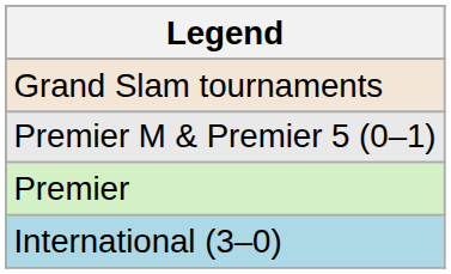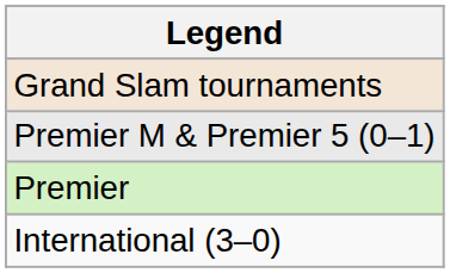 <table class="wikitable" style="font-size:90%;">
 <tr>
 <th>Legend</th>
 </tr>
 <tr>
 <td style="background:#f3e6d7;">Grand Slam tournaments</td>
 </tr>
 <tr>
 <td bgcolor="#e9e9e9">Premier M & Premier 5 (0–1)</td>
 </tr>
 <tr>
 <td bgcolor="#d4f1c5">Premier</td>
 </tr>
 <tr>
-<td style="background: lightblue;">International (3–0)</td>
+<td>International (3–0)</td>
 </tr>
 </table>
